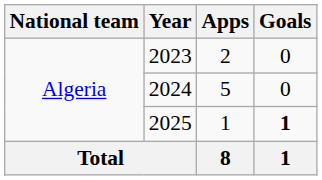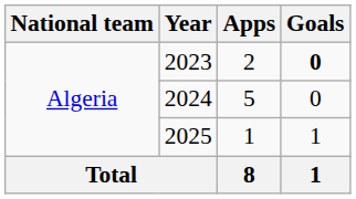 <table class=wikitable style=text-align:center>
 <tr>
 <th>National team</th>
 <th>Year</th>
 <th>Apps</th>
 <th>Goals</th>
 </tr>
 <tr>
 <td rowspan="3"><a href='#'>Algeria</a></td>
 <td>2023</td>
 <td>2</td>
-<td>0</td>
+<td><strong>0</strong></td>
 </tr>
 <tr>
 <td>2024</td>
 <td>5</td>
 <td>0</td>
 </tr>
 <tr>
 <td>2025</td>
 <td>1</td>
-<td><strong>1</strong></td>
+<td>1</td>
 </tr>
 <tr>
 <th colspan="2">Total</th>
 <th>8</th>
 <th>1</th>
 </tr>
 </table>
